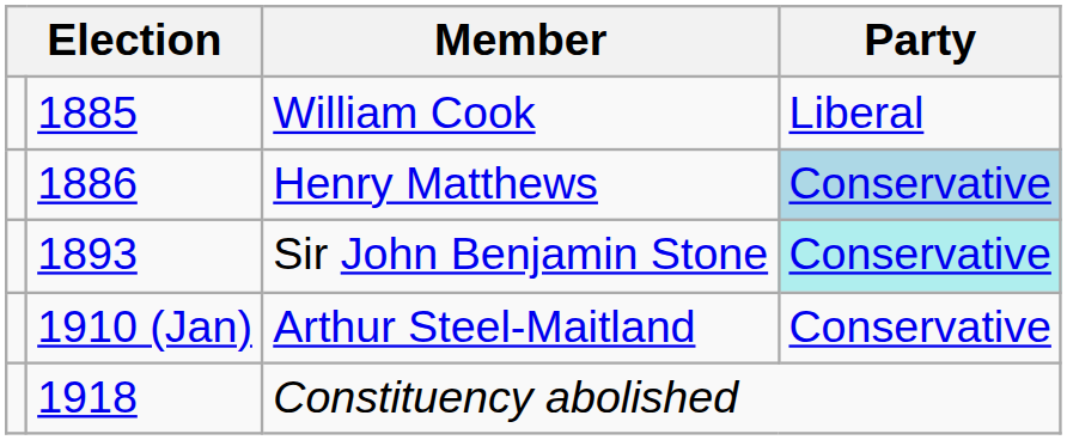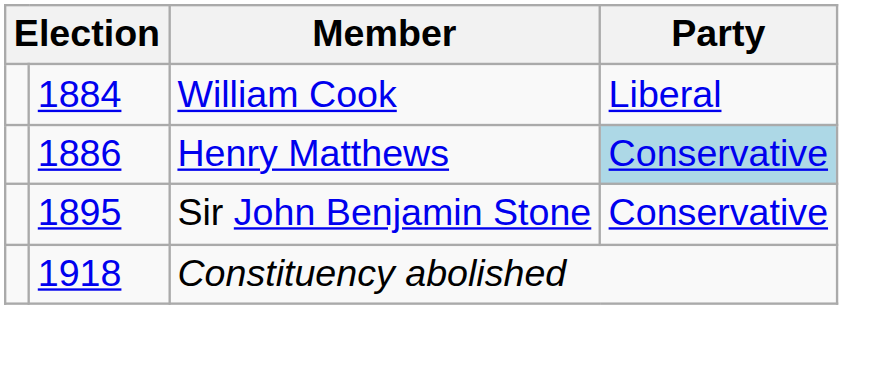 <table class="wikitable">
 <tr>
 <th colspan="2">Election</th>
 <th>Member</th>
 <th>Party</th>
 </tr>
 <tr>
 <td style="color:inherit;background-color: "></td>
-<td><a href='#'>1885</a></td>
+<td><a href='#'>1884</a></td>
 <td><a href='#'>William Cook</a></td>
 <td><a href='#'>Liberal</a></td>
 </tr>
 <tr>
 <td style="color:inherit;background-color: "></td>
 <td><a href='#'>1886</a></td>
 <td><a href='#'>Henry Matthews</a></td>
 <td style="background: lightblue;"><a href='#'>Conservative</a></td>
 </tr>
 <tr>
 <td style="color:inherit;background-color: "></td>
-<td><a href='#'>1893</a></td>
+<td><a href='#'>1895</a></td>
 <td>Sir <a href='#'>John Benjamin Stone</a></td>
-<td style="background: paleturquoise;"><a href='#'>Conservative</a></td>
-</tr>
-<tr>
-<td style="color:inherit;background-color: "></td>
-<td><a href='#'>1910 (Jan)</a></td>
-<td><a href='#'>Arthur Steel-Maitland</a></td>
 <td><a href='#'>Conservative</a></td>
 </tr>
 <tr>
 <td></td>
 <td><a href='#'>1918</a></td>
 <td colspan="2"><em>Constituency abolished</em></td>
 </tr>
 </table>
